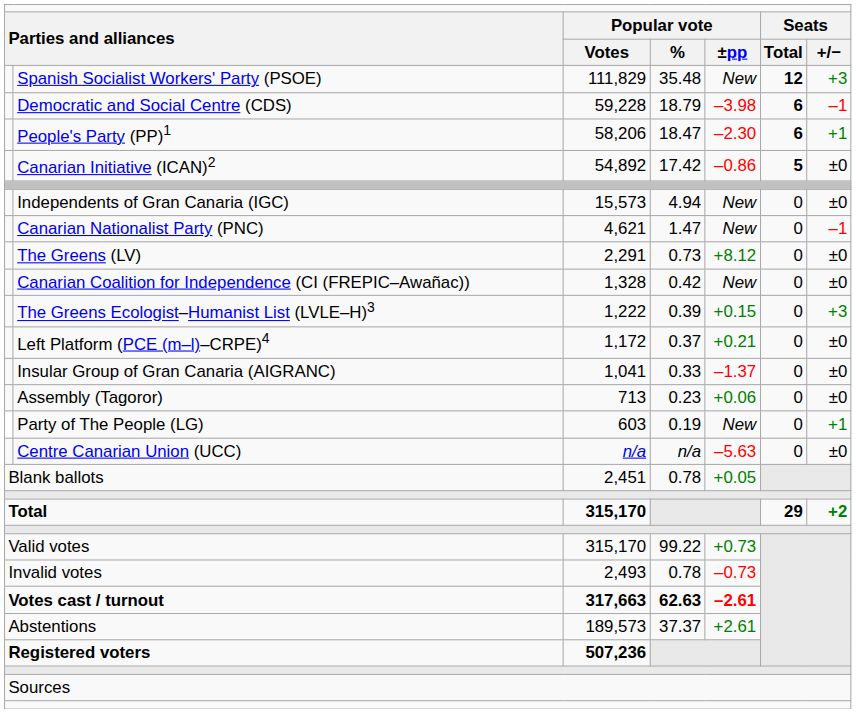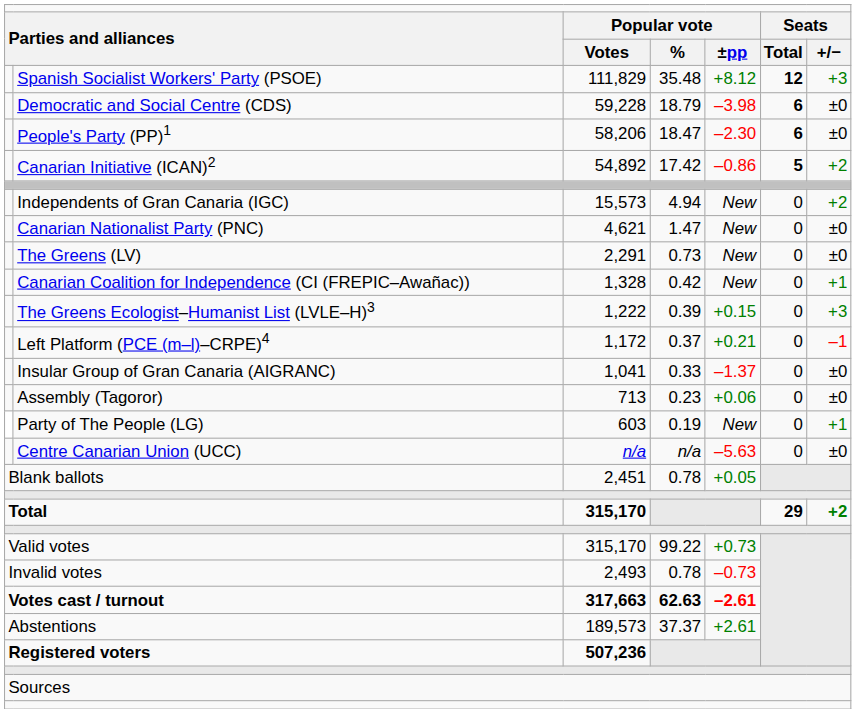 <table class="wikitable" style="text-align:right;">
 <tr>
 <td colspan="7"></td>
 </tr>
 <tr>
 <th style="text-align:left;" rowspan="2" colspan="2" width="525">Parties and alliances</th>
 <th colspan="3">Popular vote</th>
 <th colspan="2">Seats</th>
 </tr>
 <tr>
 <th width="75">Votes</th>
 <th width="45">%</th>
 <th width="45">±<a href='#'>pp</a></th>
 <th width="35">Total</th>
 <th width="35">+/−</th>
 </tr>
 <tr>
 <td width="1" style="color:inherit;background:"></td>
 <td align="left"><a href='#'>Spanish Socialist Workers' Party</a> (PSOE)</td>
 <td>111,829</td>
 <td>35.48</td>
-<td><em>New</em></td>
+<td style="color:green;">+8.12</td>
 <td><strong>12</strong></td>
 <td style="color:green;">+3</td>
 </tr>
 <tr>
 <td style="color:inherit;background:"></td>
 <td align="left"><a href='#'>Democratic and Social Centre</a> (CDS)</td>
 <td>59,228</td>
 <td>18.79</td>
 <td style="color:red;">–3.98</td>
 <td><strong>6</strong></td>
-<td style="color:red;">–1</td>
+<td>±0</td>
 </tr>
 <tr>
 <td style="color:inherit;background:"></td>
 <td align="left"><a href='#'>People's Party</a> (PP)<sup>1</sup></td>
 <td>58,206</td>
 <td>18.47</td>
 <td style="color:red;">–2.30</td>
 <td><strong>6</strong></td>
-<td style="color:green;">+1</td>
+<td>±0</td>
 </tr>
 <tr>
 <td style="color:inherit;background:"></td>
 <td align="left"><a href='#'>Canarian Initiative</a> (ICAN)<sup>2</sup></td>
 <td>54,892</td>
 <td>17.42</td>
 <td style="color:red;">–0.86</td>
 <td><strong>5</strong></td>
-<td>±0</td>
+<td style="color:green;">+2</td>
 </tr>
 <tr>
 <td colspan="7" bgcolor="#C0C0C0"></td>
 </tr>
 <tr>
 <td style="color:inherit;background:"></td>
 <td align="left">Independents of Gran Canaria (IGC)</td>
 <td>15,573</td>
 <td>4.94</td>
 <td><em>New</em></td>
 <td>0</td>
-<td>±0</td>
+<td style="color:green;">+2</td>
 </tr>
 <tr>
 <td style="color:inherit;background:"></td>
 <td align="left"><a href='#'>Canarian Nationalist Party</a> (PNC)</td>
 <td>4,621</td>
 <td>1.47</td>
 <td><em>New</em></td>
 <td>0</td>
-<td style="color:red;">–1</td>
+<td>±0</td>
 </tr>
 <tr>
 <td style="color:inherit;background:"></td>
 <td align="left"><a href='#'>The Greens</a> (LV)</td>
 <td>2,291</td>
 <td>0.73</td>
-<td style="color:green;">+8.12</td>
+<td><em>New</em></td>
 <td>0</td>
 <td>±0</td>
 </tr>
 <tr>
 <td style="color:inherit;background:"></td>
 <td align="left"><a href='#'>Canarian Coalition for Independence</a> (CI (FREPIC–Awañac))</td>
 <td>1,328</td>
 <td>0.42</td>
 <td><em>New</em></td>
 <td>0</td>
-<td>±0</td>
+<td style="color:green;">+1</td>
 </tr>
 <tr>
 <td style="color:inherit;background:"></td>
 <td align="left"><a href='#'>The Greens Ecologist</a>–<a href='#'>Humanist List</a> (LVLE–H)<sup>3</sup></td>
 <td>1,222</td>
 <td>0.39</td>
 <td style="color:green;">+0.15</td>
 <td>0</td>
 <td style="color:green;">+3</td>
 </tr>
 <tr>
 <td style="color:inherit;background:"></td>
 <td align="left">Left Platform (<a href='#'>PCE (m–l)</a>–CRPE)<sup>4</sup></td>
 <td>1,172</td>
 <td>0.37</td>
 <td style="color:green;">+0.21</td>
 <td>0</td>
-<td>±0</td>
+<td style="color:red;">–1</td>
 </tr>
 <tr>
 <td style="color:inherit;background:"></td>
 <td align="left">Insular Group of Gran Canaria (AIGRANC)</td>
 <td>1,041</td>
 <td>0.33</td>
 <td style="color:red;">–1.37</td>
 <td>0</td>
 <td>±0</td>
 </tr>
 <tr>
 <td style="color:inherit;background:"></td>
 <td align="left">Assembly (Tagoror)</td>
 <td>713</td>
 <td>0.23</td>
 <td style="color:green;">+0.06</td>
 <td>0</td>
 <td>±0</td>
 </tr>
 <tr>
 <td bgcolor="white"></td>
 <td align="left">Party of The People (LG)</td>
 <td>603</td>
 <td>0.19</td>
 <td><em>New</em></td>
 <td>0</td>
 <td style="color:green;">+1</td>
 </tr>
 <tr>
 <td style="color:inherit;background:"></td>
 <td align="left"><a href='#'>Centre Canarian Union</a> (UCC)</td>
 <td><em><a href='#'>n/a</a></em></td>
 <td><em>n/a</em></td>
 <td style="color:red;">–5.63</td>
 <td>0</td>
 <td>±0</td>
 </tr>
 <tr>
 <td align="left" colspan="2">Blank ballots</td>
 <td>2,451</td>
 <td>0.78</td>
 <td style="color:green;">+0.05</td>
 <td bgcolor="#E9E9E9" colspan="2"></td>
 </tr>
 <tr>
 <td colspan="7" bgcolor="#E9E9E9"></td>
 </tr>
 <tr style="font-weight:bold;">
 <td align="left" colspan="2">Total</td>
 <td>315,170</td>
 <td bgcolor="#E9E9E9" colspan="2"></td>
 <td>29</td>
 <td style="color:green;">+2</td>
 </tr>
 <tr>
 <td colspan="7" bgcolor="#E9E9E9"></td>
 </tr>
 <tr>
 <td align="left" colspan="2">Valid votes</td>
 <td>315,170</td>
 <td>99.22</td>
 <td style="color:green;">+0.73</td>
 <td bgcolor="#E9E9E9" colspan="2" rowspan="5"></td>
 </tr>
 <tr>
 <td align="left" colspan="2">Invalid votes</td>
 <td>2,493</td>
 <td>0.78</td>
 <td style="color:red;">–0.73</td>
 </tr>
 <tr style="font-weight:bold;">
 <td align="left" colspan="2">Votes cast / turnout</td>
 <td>317,663</td>
 <td>62.63</td>
 <td style="color:red;">–2.61</td>
 </tr>
 <tr>
 <td align="left" colspan="2">Abstentions</td>
 <td>189,573</td>
 <td>37.37</td>
 <td style="color:green;">+2.61</td>
 </tr>
 <tr style="font-weight:bold;">
 <td align="left" colspan="2">Registered voters</td>
 <td>507,236</td>
 <td bgcolor="#E9E9E9" colspan="2"></td>
 </tr>
 <tr>
 <td colspan="7" bgcolor="#E9E9E9"></td>
 </tr>
 <tr>
 <td align="left" colspan="7">Sources</td>
 </tr>
 <tr>
 <td colspan="7" style="text-align:left; max-width:790px;"></td>
 </tr>
 </table>
